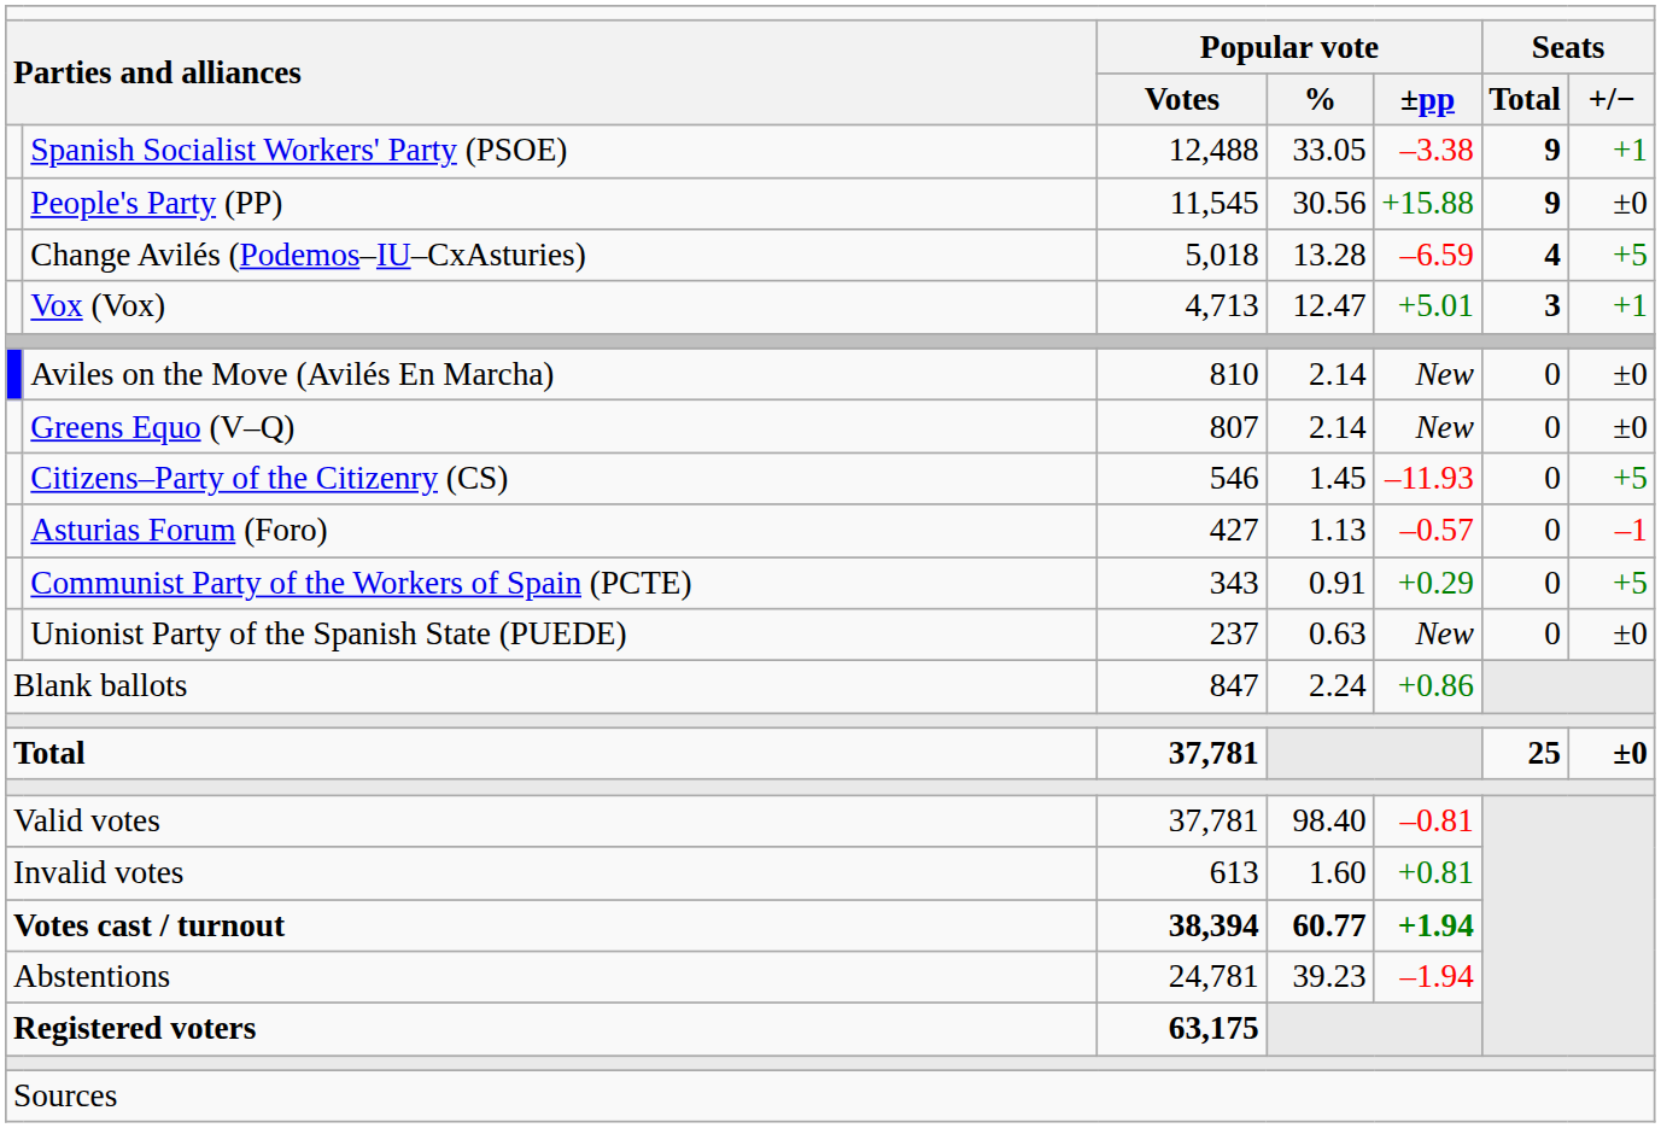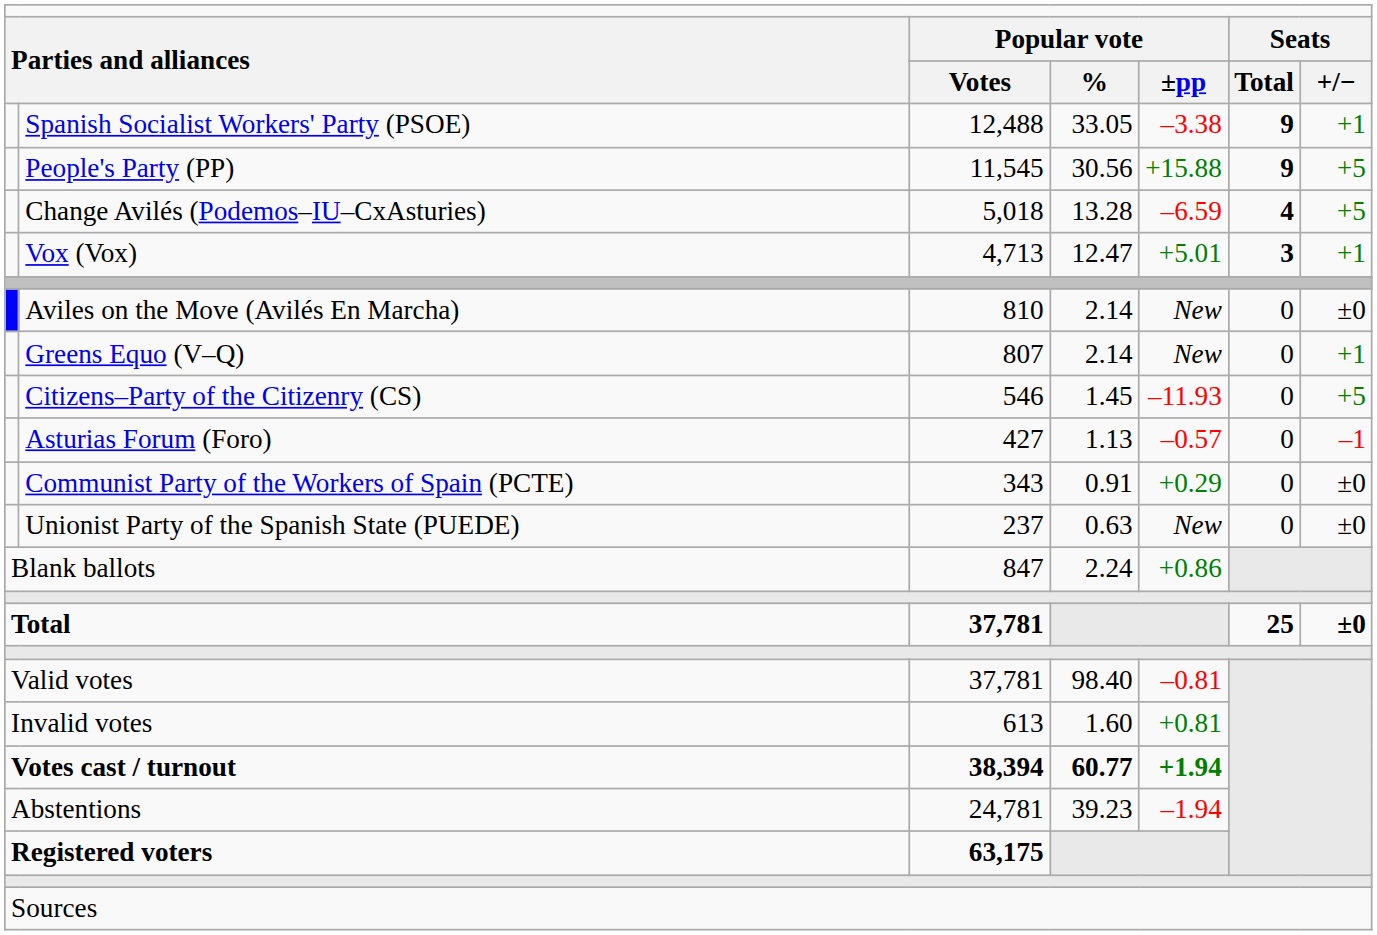 <table class="wikitable" style="text-align:right;">
 <tr>
 <td colspan="7"></td>
 </tr>
 <tr>
 <th style="text-align:left;" rowspan="2" colspan="2" width="525">Parties and alliances</th>
 <th colspan="3">Popular vote</th>
 <th colspan="2">Seats</th>
 </tr>
 <tr>
 <th width="75">Votes</th>
 <th width="45">%</th>
 <th width="45">±<a href='#'>pp</a></th>
 <th width="35">Total</th>
 <th width="35">+/−</th>
 </tr>
 <tr>
 <td width="1" style="color:inherit;background:"></td>
 <td align="left"><a href='#'>Spanish Socialist Workers' Party</a> (PSOE)</td>
 <td>12,488</td>
 <td>33.05</td>
 <td style="color:red;">–3.38</td>
 <td><strong>9</strong></td>
 <td style="color:green;">+1</td>
 </tr>
 <tr>
 <td style="color:inherit;background:"></td>
 <td align="left"><a href='#'>People's Party</a> (PP)</td>
 <td>11,545</td>
 <td>30.56</td>
 <td style="color:green;">+15.88</td>
 <td><strong>9</strong></td>
-<td>±0</td>
+<td style="color:green;">+5</td>
 </tr>
 <tr>
 <td style="color:inherit;background:"></td>
 <td align="left">Change Avilés (<a href='#'>Podemos</a>–<a href='#'>IU</a>–CxAsturies)</td>
 <td>5,018</td>
 <td>13.28</td>
 <td style="color:red;">–6.59</td>
 <td><strong>4</strong></td>
 <td style="color:green;">+5</td>
 </tr>
 <tr>
 <td style="color:inherit;background:"></td>
 <td align="left"><a href='#'>Vox</a> (Vox)</td>
 <td>4,713</td>
 <td>12.47</td>
 <td style="color:green;">+5.01</td>
 <td><strong>3</strong></td>
 <td style="color:green;">+1</td>
 </tr>
 <tr>
 <td colspan="7" bgcolor="#C0C0C0"></td>
 </tr>
 <tr>
 <td bgcolor="blue"></td>
 <td align="left">Aviles on the Move (Avilés En Marcha)</td>
 <td>810</td>
 <td>2.14</td>
 <td><em>New</em></td>
 <td>0</td>
 <td>±0</td>
 </tr>
 <tr>
 <td style="color:inherit;background:"></td>
 <td align="left"><a href='#'>Greens Equo</a> (V–Q)</td>
 <td>807</td>
 <td>2.14</td>
 <td><em>New</em></td>
 <td>0</td>
-<td>±0</td>
+<td style="color:green;">+1</td>
 </tr>
 <tr>
 <td style="color:inherit;background:"></td>
 <td align="left"><a href='#'>Citizens–Party of the Citizenry</a> (CS)</td>
 <td>546</td>
 <td>1.45</td>
 <td style="color:red;">–11.93</td>
 <td>0</td>
 <td style="color:green;">+5</td>
 </tr>
 <tr>
 <td style="color:inherit;background:"></td>
 <td align="left"><a href='#'>Asturias Forum</a> (Foro)</td>
 <td>427</td>
 <td>1.13</td>
 <td style="color:red;">–0.57</td>
 <td>0</td>
 <td style="color:red;">–1</td>
 </tr>
 <tr>
 <td style="color:inherit;background:"></td>
 <td align="left"><a href='#'>Communist Party of the Workers of Spain</a> (PCTE)</td>
 <td>343</td>
 <td>0.91</td>
 <td style="color:green;">+0.29</td>
 <td>0</td>
-<td style="color:green;">+5</td>
+<td>±0</td>
 </tr>
 <tr>
 <td style="color:inherit;background:"></td>
 <td align="left">Unionist Party of the Spanish State (PUEDE)</td>
 <td>237</td>
 <td>0.63</td>
 <td><em>New</em></td>
 <td>0</td>
 <td>±0</td>
 </tr>
 <tr>
 <td colspan="2" align="left">Blank ballots</td>
 <td>847</td>
 <td>2.24</td>
 <td style="color:green;">+0.86</td>
 <td colspan="2" bgcolor="#E9E9E9"></td>
 </tr>
 <tr>
 <td colspan="7" bgcolor="#E9E9E9"></td>
 </tr>
 <tr style="font-weight:bold;">
 <td align="left" colspan="2">Total</td>
 <td>37,781</td>
 <td bgcolor="#E9E9E9" colspan="2"></td>
 <td>25</td>
 <td>±0</td>
 </tr>
 <tr>
 <td colspan="7" bgcolor="#E9E9E9"></td>
 </tr>
 <tr>
 <td align="left" colspan="2">Valid votes</td>
 <td>37,781</td>
 <td>98.40</td>
 <td style="color:red;">–0.81</td>
 <td bgcolor="#E9E9E9" colspan="2" rowspan="5"></td>
 </tr>
 <tr>
 <td align="left" colspan="2">Invalid votes</td>
 <td>613</td>
 <td>1.60</td>
 <td style="color:green;">+0.81</td>
 </tr>
 <tr style="font-weight:bold;">
 <td align="left" colspan="2">Votes cast / turnout</td>
 <td>38,394</td>
 <td>60.77</td>
 <td style="color:green;">+1.94</td>
 </tr>
 <tr>
 <td align="left" colspan="2">Abstentions</td>
 <td>24,781</td>
 <td>39.23</td>
 <td style="color:red;">–1.94</td>
 </tr>
 <tr style="font-weight:bold;">
 <td align="left" colspan="2">Registered voters</td>
 <td>63,175</td>
 <td bgcolor="#E9E9E9" colspan="2"></td>
 </tr>
 <tr>
 <td colspan="7" bgcolor="#E9E9E9"></td>
 </tr>
 <tr>
 <td align="left" colspan="7">Sources</td>
 </tr>
 </table>
